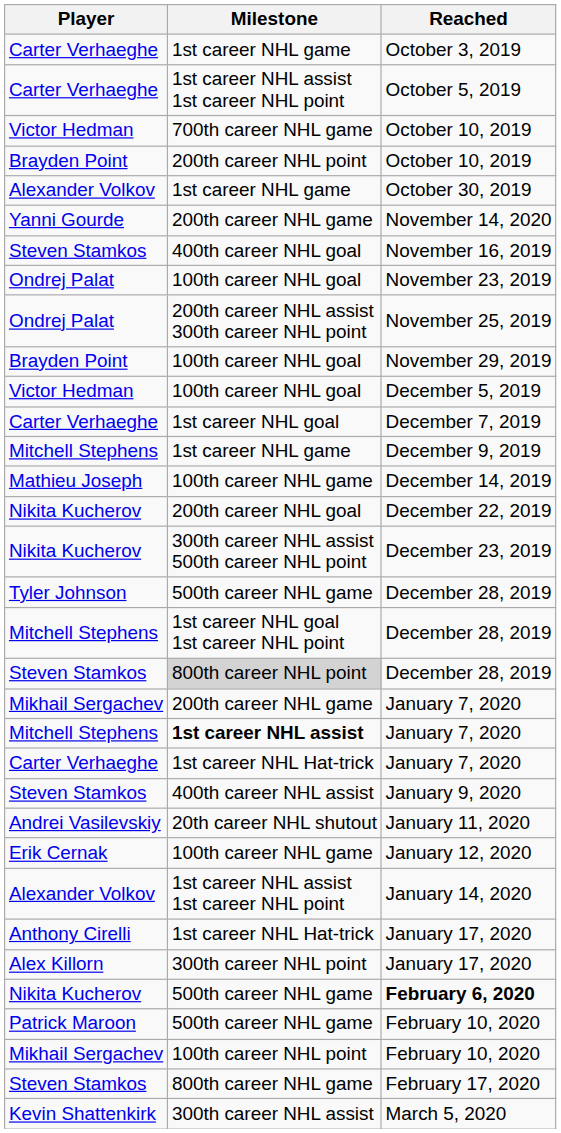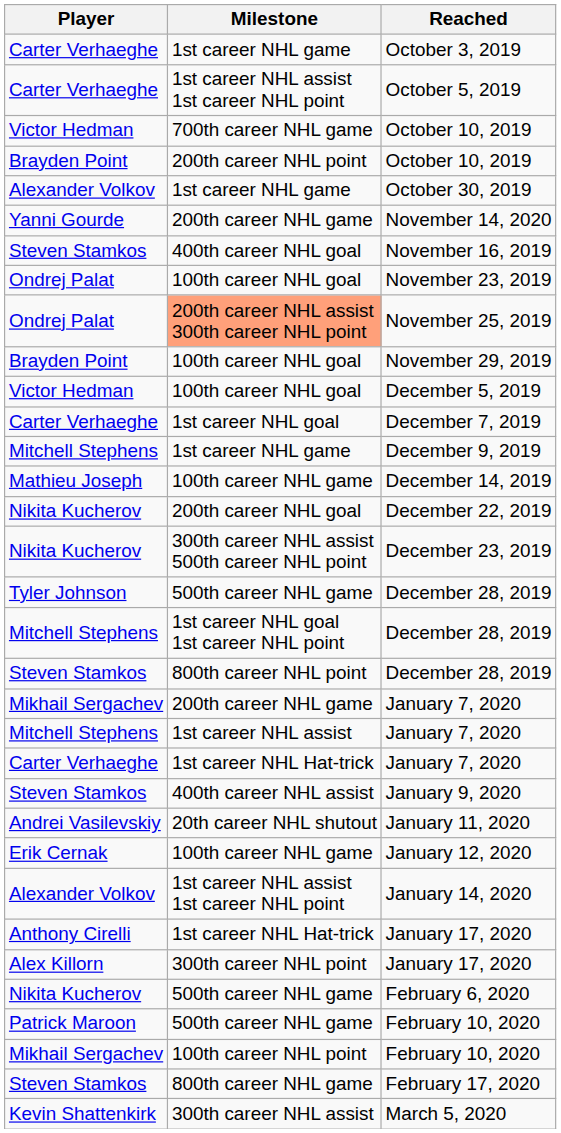 <table class="wikitable sortable">
 <tr align=center>
 <th>Player</th>
 <th>Milestone</th>
 <th data-sort-type="date">Reached</th>
 </tr>
 <tr>
 <td><a href='#'>Carter Verhaeghe</a></td>
 <td>1st career NHL game</td>
 <td>October 3, 2019</td>
 </tr>
 <tr>
 <td><a href='#'>Carter Verhaeghe</a></td>
 <td>1st career NHL assist<br>1st career NHL point</td>
 <td>October 5, 2019</td>
 </tr>
 <tr>
 <td><a href='#'>Victor Hedman</a></td>
 <td>700th career NHL game</td>
 <td>October 10, 2019</td>
 </tr>
 <tr>
 <td><a href='#'>Brayden Point</a></td>
 <td>200th career NHL point</td>
 <td>October 10, 2019</td>
 </tr>
 <tr>
 <td><a href='#'>Alexander Volkov</a></td>
 <td>1st career NHL game</td>
 <td>October 30, 2019</td>
 </tr>
 <tr>
 <td><a href='#'>Yanni Gourde</a></td>
 <td>200th career NHL game</td>
 <td>November 14, 2020</td>
 </tr>
 <tr>
 <td><a href='#'>Steven Stamkos</a></td>
 <td>400th career NHL goal</td>
 <td>November 16, 2019</td>
 </tr>
 <tr>
 <td><a href='#'>Ondrej Palat</a></td>
 <td>100th career NHL goal</td>
 <td>November 23, 2019</td>
 </tr>
 <tr>
 <td><a href='#'>Ondrej Palat</a></td>
-<td>200th career NHL assist<br>300th career NHL point</td>
+<td style="background: lightsalmon;">200th career NHL assist<br>300th career NHL point</td>
 <td>November 25, 2019</td>
 </tr>
 <tr>
 <td><a href='#'>Brayden Point</a></td>
 <td>100th career NHL goal</td>
 <td>November 29, 2019</td>
 </tr>
 <tr>
 <td><a href='#'>Victor Hedman</a></td>
 <td>100th career NHL goal</td>
 <td>December 5, 2019</td>
 </tr>
 <tr>
 <td><a href='#'>Carter Verhaeghe</a></td>
 <td>1st career NHL goal</td>
 <td>December 7, 2019</td>
 </tr>
 <tr>
 <td><a href='#'>Mitchell Stephens</a></td>
 <td>1st career NHL game</td>
 <td>December 9, 2019</td>
 </tr>
 <tr>
 <td><a href='#'>Mathieu Joseph</a></td>
 <td>100th career NHL game</td>
 <td>December 14, 2019</td>
 </tr>
 <tr>
 <td><a href='#'>Nikita Kucherov</a></td>
 <td>200th career NHL goal</td>
 <td>December 22, 2019</td>
 </tr>
 <tr>
 <td><a href='#'>Nikita Kucherov</a></td>
 <td>300th career NHL assist<br>500th career NHL point</td>
 <td>December 23, 2019</td>
 </tr>
 <tr>
 <td><a href='#'>Tyler Johnson</a></td>
 <td>500th career NHL game</td>
 <td>December 28, 2019</td>
 </tr>
 <tr>
 <td><a href='#'>Mitchell Stephens</a></td>
 <td>1st career NHL goal<br>1st career NHL point</td>
 <td>December 28, 2019</td>
 </tr>
 <tr>
 <td><a href='#'>Steven Stamkos</a></td>
-<td style="background: lightgrey;">800th career NHL point</td>
+<td>800th career NHL point</td>
 <td>December 28, 2019</td>
 </tr>
 <tr>
 <td><a href='#'>Mikhail Sergachev</a></td>
 <td>200th career NHL game</td>
 <td>January 7, 2020</td>
 </tr>
 <tr>
 <td><a href='#'>Mitchell Stephens</a></td>
-<td><strong>1st career NHL assist</strong></td>
+<td>1st career NHL assist</td>
 <td>January 7, 2020</td>
 </tr>
 <tr>
 <td><a href='#'>Carter Verhaeghe</a></td>
 <td>1st career NHL Hat-trick</td>
 <td>January 7, 2020</td>
 </tr>
 <tr>
 <td><a href='#'>Steven Stamkos</a></td>
 <td>400th career NHL assist</td>
 <td>January 9, 2020</td>
 </tr>
 <tr>
 <td><a href='#'>Andrei Vasilevskiy</a></td>
 <td>20th career NHL shutout</td>
 <td>January 11, 2020</td>
 </tr>
 <tr>
 <td><a href='#'>Erik Cernak</a></td>
 <td>100th career NHL game</td>
 <td>January 12, 2020</td>
 </tr>
 <tr>
 <td><a href='#'>Alexander Volkov</a></td>
 <td>1st career NHL assist<br>1st career NHL point</td>
 <td>January 14, 2020</td>
 </tr>
 <tr>
 <td><a href='#'>Anthony Cirelli</a></td>
 <td>1st career NHL Hat-trick</td>
 <td>January 17, 2020</td>
 </tr>
 <tr>
 <td><a href='#'>Alex Killorn</a></td>
 <td>300th career NHL point</td>
 <td>January 17, 2020</td>
 </tr>
 <tr>
 <td><a href='#'>Nikita Kucherov</a></td>
 <td>500th career NHL game</td>
-<td><strong>February 6, 2020</strong></td>
+<td>February 6, 2020</td>
 </tr>
 <tr>
 <td><a href='#'>Patrick Maroon</a></td>
 <td>500th career NHL game</td>
 <td>February 10, 2020</td>
 </tr>
 <tr>
 <td><a href='#'>Mikhail Sergachev</a></td>
 <td>100th career NHL point</td>
 <td>February 10, 2020</td>
 </tr>
 <tr>
 <td><a href='#'>Steven Stamkos</a></td>
 <td>800th career NHL game</td>
 <td>February 17, 2020</td>
 </tr>
 <tr>
 <td><a href='#'>Kevin Shattenkirk</a></td>
 <td>300th career NHL assist</td>
 <td>March 5, 2020</td>
 </tr>
 </table>
